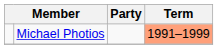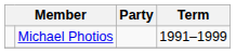 <table class="wikitable">
 <tr>
 <th colspan="2">Member</th>
 <th>Party</th>
 <th>Term</th>
 </tr>
 <tr>
 <td> </td>
 <td><a href='#'>Michael Photios</a></td>
 <td></td>
-<td style="background: lightsalmon;">1991–1999</td>
+<td>1991–1999</td>
 </tr>
 <tr>
 </tr>
 </table>
